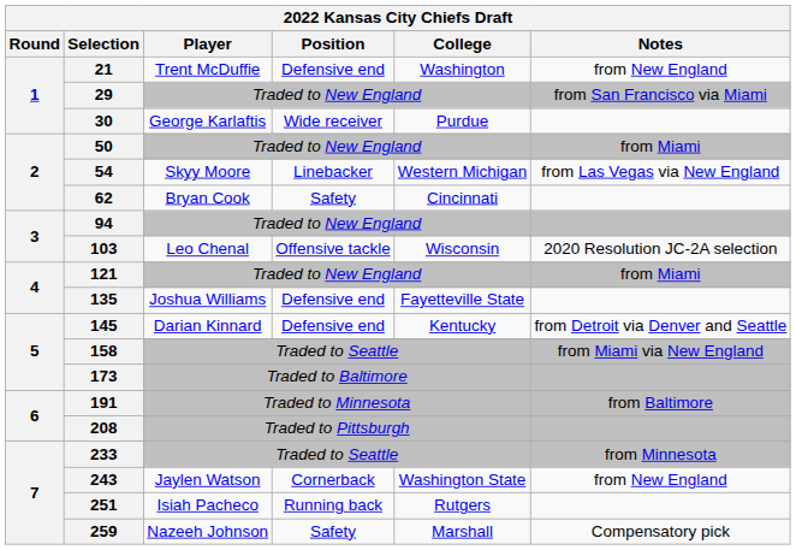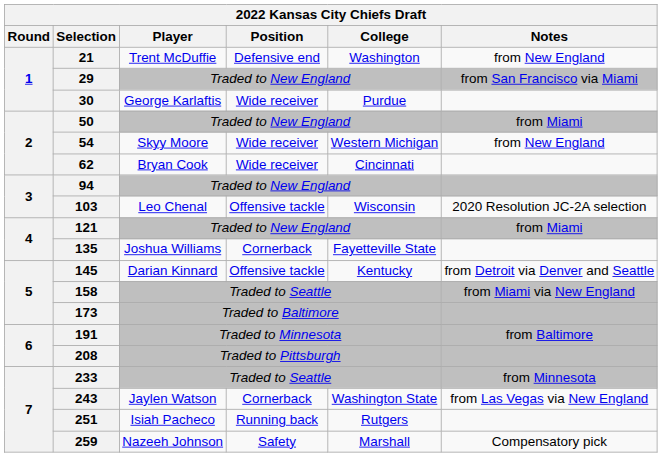 <table class="wikitable" style="text-align:center">
 <tr>
 <th colspan=6>2022 Kansas City Chiefs Draft</th>
 </tr>
 <tr>
 <th>Round</th>
 <th>Selection</th>
 <th>Player</th>
 <th>Position</th>
 <th>College</th>
 <th>Notes</th>
 </tr>
 <tr>
 <th rowspan="3"><a href='#'>1</a></th>
 <th>21</th>
 <td><a href='#'>Trent McDuffie</a></td>
 <td><a href='#'>Defensive end</a></td>
 <td><a href='#'>Washington</a></td>
 <td>from <a href='#'>New England</a></td>
 </tr>
 <tr>
 <th>29</th>
 <td colspan="3" style="background:#BFBFBF"><em>Traded to <a href='#'>New England</a></em></td>
 <td style="background:#BFBFBF">from <a href='#'>San Francisco</a> via <a href='#'>Miami</a></td>
 </tr>
 <tr>
 <th>30</th>
 <td><a href='#'>George Karlaftis</a></td>
 <td><a href='#'>Wide receiver</a></td>
 <td><a href='#'>Purdue</a></td>
 <td></td>
 </tr>
 <tr>
 <th rowspan="3">2</th>
 <th>50</th>
 <td colspan="3" style="background:#BFBFBF"><em>Traded to <a href='#'>New England</a></em></td>
 <td style="background:#BFBFBF">from <a href='#'>Miami</a></td>
 </tr>
 <tr>
 <th>54</th>
 <td><a href='#'>Skyy Moore</a></td>
-<td><a href='#'>Linebacker</a></td>
+<td><a href='#'>Wide receiver</a></td>
 <td><a href='#'>Western Michigan</a></td>
-<td>from <a href='#'>Las Vegas</a> via <a href='#'>New England</a></td>
+<td>from <a href='#'>New England</a></td>
 </tr>
 <tr>
 <th>62</th>
 <td><a href='#'>Bryan Cook</a></td>
-<td><a href='#'>Safety</a></td>
+<td><a href='#'>Wide receiver</a></td>
 <td><a href='#'>Cincinnati</a></td>
 <td></td>
 </tr>
 <tr>
 <th rowspan="2">3</th>
 <th>94</th>
 <td colspan="3" style="background:#BFBFBF"><em>Traded to <a href='#'>New England</a></em></td>
 <td style="background:#BFBFBF"></td>
 </tr>
 <tr>
 <th>103</th>
 <td><a href='#'>Leo Chenal</a></td>
 <td><a href='#'>Offensive tackle</a></td>
 <td><a href='#'>Wisconsin</a></td>
 <td>2020 Resolution JC-2A selection</td>
 </tr>
 <tr>
 <th rowspan="2">4</th>
 <th>121</th>
 <td colspan="3" style="background:#BFBFBF"><em>Traded to <a href='#'>New England</a></em></td>
 <td style="background:#BFBFBF">from <a href='#'>Miami</a></td>
 </tr>
 <tr>
 <th>135</th>
 <td><a href='#'>Joshua Williams</a></td>
-<td><a href='#'>Defensive end</a></td>
+<td><a href='#'>Cornerback</a></td>
 <td><a href='#'>Fayetteville State</a></td>
 <td></td>
 </tr>
 <tr>
 <th rowspan="3">5</th>
 <th>145</th>
 <td><a href='#'>Darian Kinnard</a></td>
-<td><a href='#'>Defensive end</a></td>
+<td><a href='#'>Offensive tackle</a></td>
 <td><a href='#'>Kentucky</a></td>
 <td>from <a href='#'>Detroit</a> via <a href='#'>Denver</a> and <a href='#'>Seattle</a></td>
 </tr>
 <tr>
 <th>158</th>
 <td colspan="3" style="background:#BFBFBF"><em>Traded to <a href='#'>Seattle</a></em></td>
 <td style="background:#BFBFBF">from <a href='#'>Miami</a> via <a href='#'>New England</a></td>
 </tr>
 <tr>
 <th>173</th>
 <td colspan="3" style="background:#BFBFBF"><em>Traded to <a href='#'>Baltimore</a></em></td>
 <td style="background:#BFBFBF"></td>
 </tr>
 <tr>
 <th rowspan="2">6</th>
 <th>191</th>
 <td colspan="3" style="background:#BFBFBF"><em>Traded to <a href='#'>Minnesota</a></em></td>
 <td style="background:#BFBFBF">from <a href='#'>Baltimore</a></td>
 </tr>
 <tr>
 <th>208</th>
 <td colspan="3" style="background:#BFBFBF"><em>Traded to <a href='#'>Pittsburgh</a></em></td>
 <td style="background:#BFBFBF"></td>
 </tr>
 <tr>
 <th rowspan="4">7</th>
 <th>233</th>
 <td colspan="3" style="background:#BFBFBF"><em>Traded to <a href='#'>Seattle</a></em></td>
 <td style="background:#BFBFBF">from <a href='#'>Minnesota</a></td>
 </tr>
 <tr>
 <th>243</th>
 <td><a href='#'>Jaylen Watson</a></td>
 <td><a href='#'>Cornerback</a></td>
 <td><a href='#'>Washington State</a></td>
-<td>from <a href='#'>New England</a></td>
+<td>from <a href='#'>Las Vegas</a> via <a href='#'>New England</a></td>
 </tr>
 <tr>
 <th>251</th>
 <td><a href='#'>Isiah Pacheco</a></td>
 <td><a href='#'>Running back</a></td>
 <td><a href='#'>Rutgers</a></td>
 <td></td>
 </tr>
 <tr>
 <th>259</th>
 <td><a href='#'>Nazeeh Johnson</a></td>
 <td><a href='#'>Safety</a></td>
 <td><a href='#'>Marshall</a></td>
 <td>Compensatory pick</td>
 </tr>
 </table>
